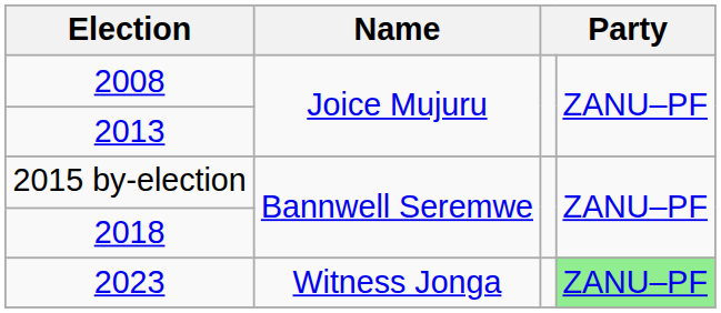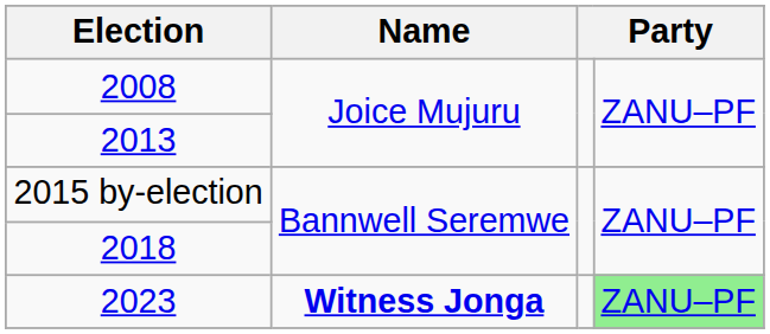 <table class="wikitable" style="text-align:center">
 <tr>
 <th>Election</th>
 <th>Name</th>
 <th colspan="2">Party</th>
 </tr>
 <tr>
 <td><a href='#'>2008</a></td>
 <td rowspan="2"><a href='#'>Joice Mujuru</a></td>
 <td rowspan="2" style="background-color: "></td>
 <td rowspan="2"><a href='#'>ZANU–PF</a></td>
 </tr>
 <tr>
 <td><a href='#'>2013</a></td>
 </tr>
 <tr>
 <td>2015 by-election</td>
 <td rowspan="2"><a href='#'>Bannwell Seremwe</a></td>
 <td rowspan="2" style="background-color: "></td>
 <td rowspan="2"><a href='#'>ZANU–PF</a></td>
 </tr>
 <tr>
 <td><a href='#'>2018</a></td>
 </tr>
 <tr>
 <td><a href='#'>2023</a></td>
-<td><a href='#'>Witness Jonga</a></td>
+<td><strong><a href='#'>Witness Jonga</a></strong></td>
 <td style="background-color: "></td>
 <td style="background: lightgreen;"><a href='#'>ZANU–PF</a></td>
 </tr>
 </table>
